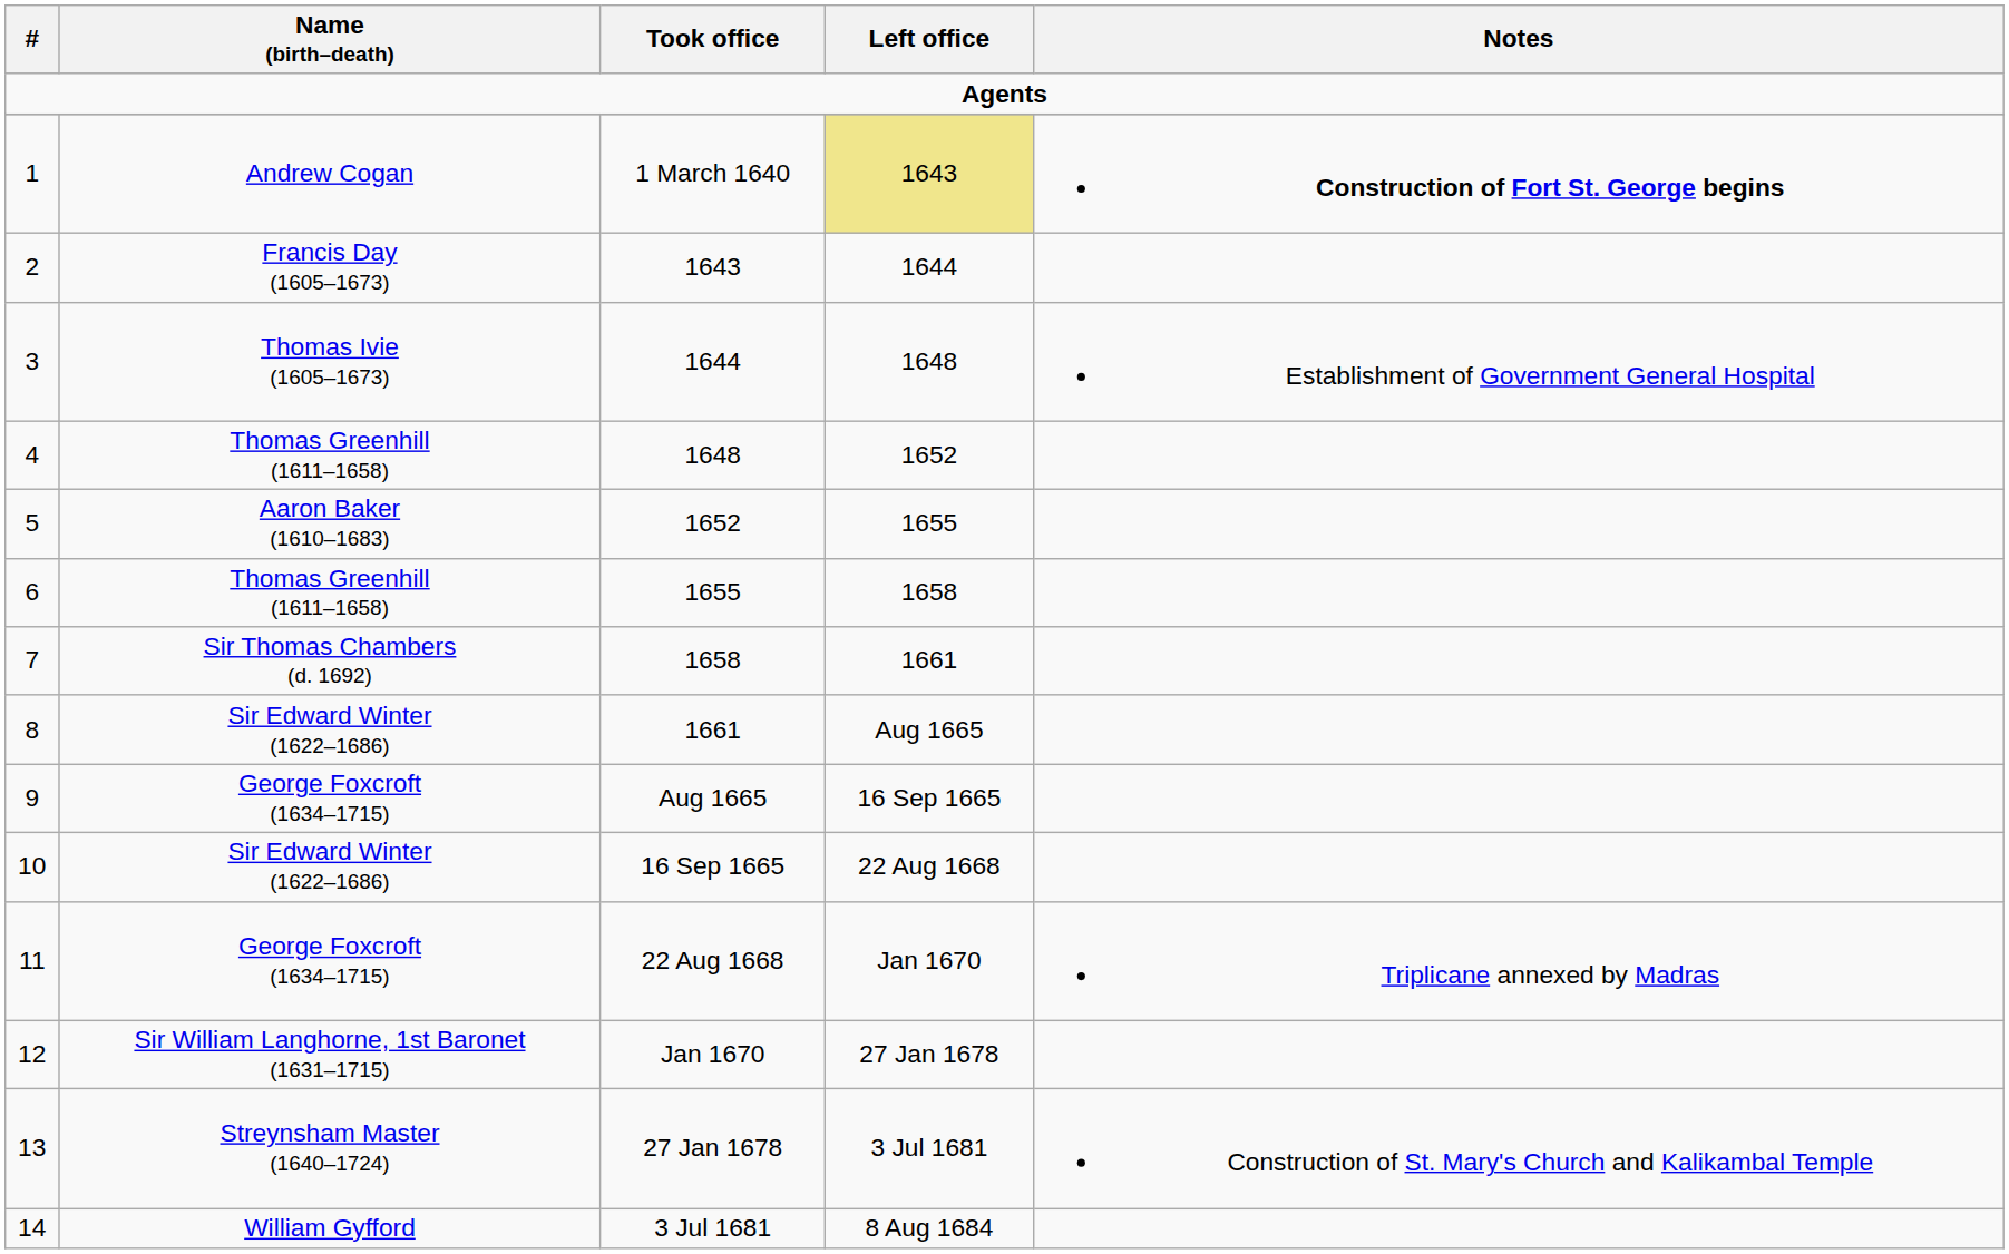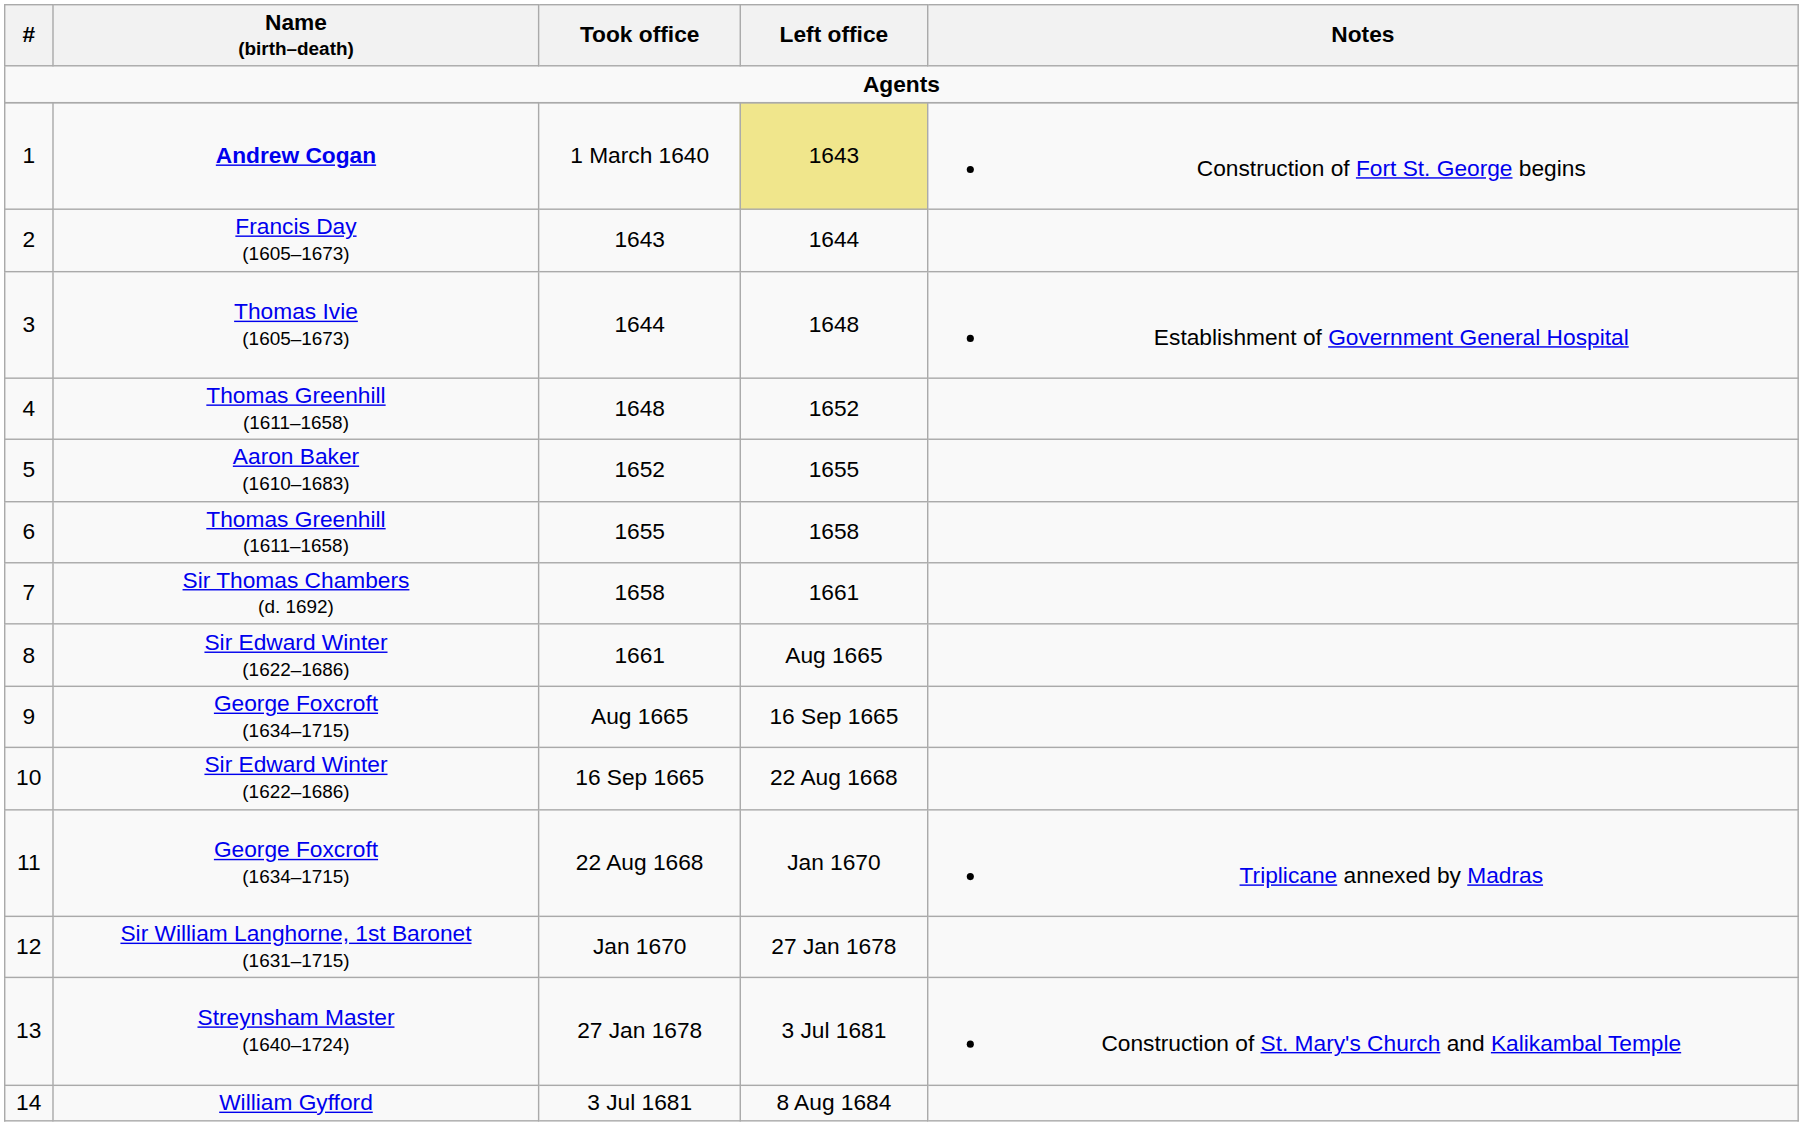 <table class="wikitable" width="100%" style="text-align:center;">
 <tr>
 <th>#</th>
 <th>Name<br><small>(birth–death)</small></th>
 <th>Took office</th>
 <th>Left office</th>
 <th>Notes</th>
 </tr>
 <tr align=center>
 <td colspan="7"><strong>Agents</strong></td>
 </tr>
 <tr align=center>
 </tr>
 <tr>
 <td>1</td>
-<td><a href='#'>Andrew Cogan</a></td>
+<td><strong><a href='#'>Andrew Cogan</a></strong></td>
 <td>1 March 1640</td>
 <td style="background: khaki;">1643</td>
-<td><strong><br><ul><li>Construction of <a href='#'>Fort St. George</a> begins</li></ul></strong></td>
+<td><br><ul><li>Construction of <a href='#'>Fort St. George</a> begins</li></ul></td>
 </tr>
 <tr>
 <td>2</td>
 <td><a href='#'>Francis Day</a><br><small>(1605–1673)</small></td>
 <td>1643</td>
 <td>1644</td>
 <td></td>
 </tr>
 <tr>
 <td>3</td>
 <td><a href='#'>Thomas Ivie</a><br><small>(1605–1673)</small></td>
 <td>1644</td>
 <td>1648</td>
 <td><br><ul><li>Establishment of <a href='#'>Government General Hospital</a></li></ul></td>
 </tr>
 <tr>
 <td>4</td>
 <td><a href='#'>Thomas Greenhill</a><br><small>(1611–1658)</small></td>
 <td>1648</td>
 <td>1652</td>
 <td></td>
 </tr>
 <tr>
 <td>5</td>
 <td><a href='#'>Aaron Baker</a><br><small>(1610–1683)</small></td>
 <td>1652</td>
 <td>1655</td>
 <td></td>
 </tr>
 <tr>
 <td>6</td>
 <td><a href='#'>Thomas Greenhill</a><br><small>(1611–1658)</small></td>
 <td>1655</td>
 <td>1658</td>
 <td></td>
 </tr>
 <tr>
 <td>7</td>
 <td><a href='#'>Sir Thomas Chambers</a><br><small>(d. 1692)</small></td>
 <td>1658</td>
 <td>1661</td>
 <td></td>
 </tr>
 <tr>
 <td>8</td>
 <td><a href='#'>Sir Edward Winter</a><br><small>(1622–1686)</small></td>
 <td>1661</td>
 <td>Aug 1665</td>
 <td></td>
 </tr>
 <tr>
 <td>9</td>
 <td><a href='#'>George Foxcroft</a><br><small>(1634–1715)</small></td>
 <td>Aug 1665</td>
 <td>16 Sep 1665</td>
 <td></td>
 </tr>
 <tr>
 <td>10</td>
 <td><a href='#'>Sir Edward Winter</a><br><small>(1622–1686)</small></td>
 <td>16 Sep 1665</td>
 <td>22 Aug 1668</td>
 <td></td>
 </tr>
 <tr>
 <td>11</td>
 <td><a href='#'>George Foxcroft</a><br><small>(1634–1715)</small></td>
 <td>22 Aug 1668</td>
 <td>Jan 1670</td>
 <td><br><ul><li><a href='#'>Triplicane</a> annexed by <a href='#'>Madras</a></li></ul></td>
 </tr>
 <tr>
 <td>12</td>
 <td><a href='#'>Sir William Langhorne, 1st Baronet</a><br><small>(1631–1715)</small></td>
 <td>Jan 1670</td>
 <td>27 Jan 1678</td>
 <td></td>
 </tr>
 <tr>
 <td>13</td>
 <td><a href='#'>Streynsham Master</a><br><small>(1640–1724)</small></td>
 <td>27 Jan 1678</td>
 <td>3 Jul 1681</td>
 <td><br><ul><li>Construction of <a href='#'>St. Mary's Church</a> and <a href='#'>Kalikambal Temple</a></li></ul></td>
 </tr>
 <tr>
 <td>14</td>
 <td><a href='#'>William Gyfford</a></td>
 <td>3 Jul 1681</td>
 <td>8 Aug 1684</td>
 <td></td>
 </tr>
 </table>
